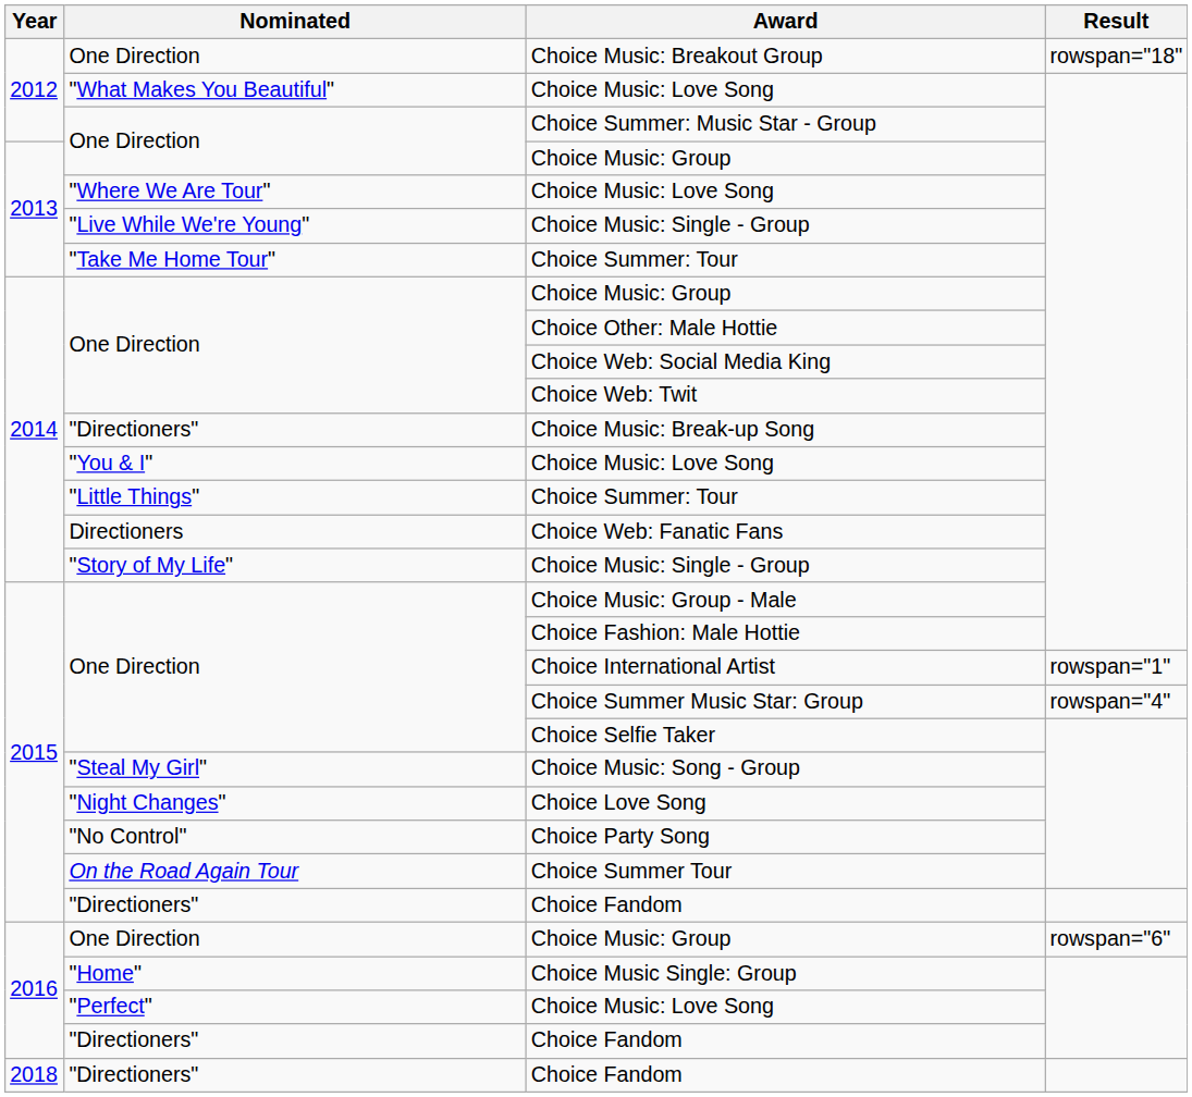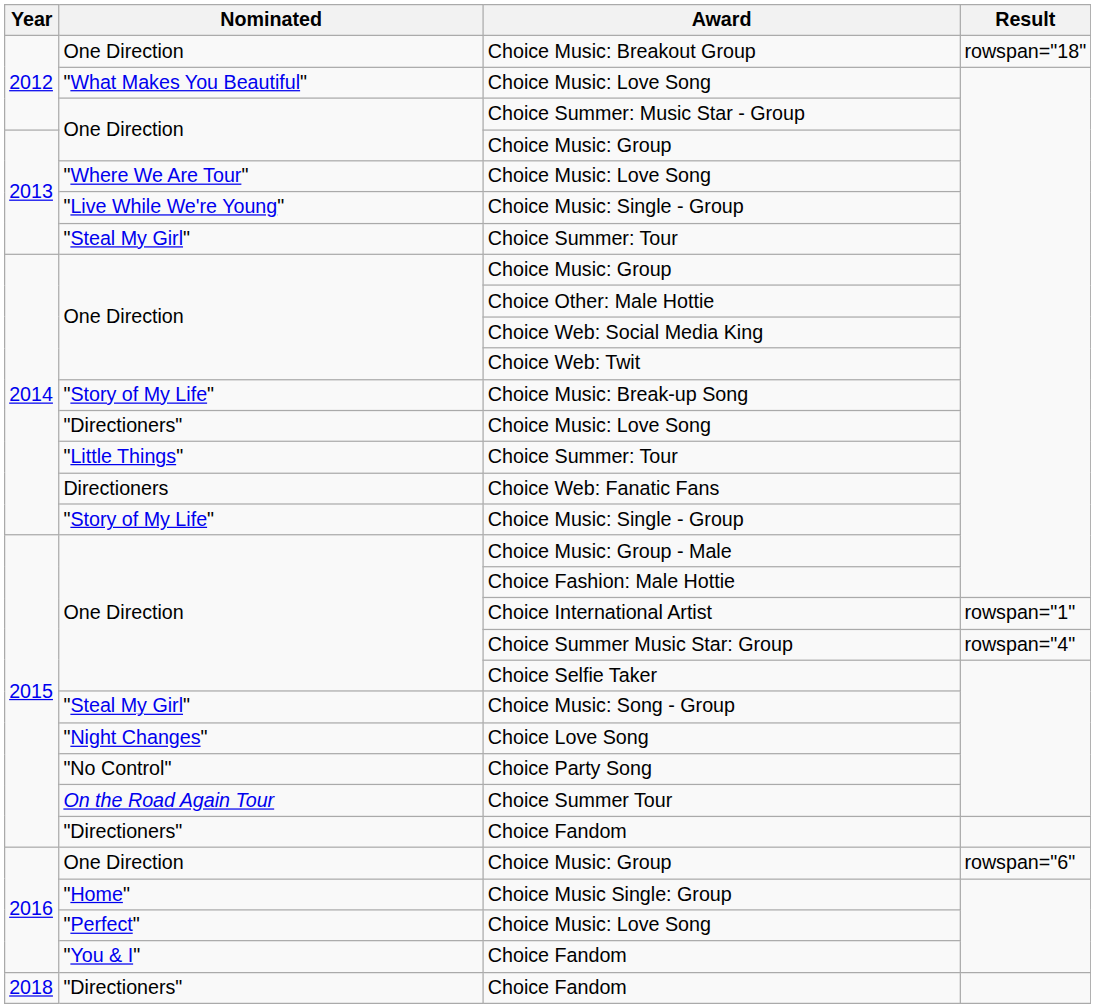 <table class="wikitable" style="width:100%;">
 <tr>
 <th width=5%>Year</th>
 <th style="width:40%;">Nominated</th>
 <th style="width:45%;">Award</th>
 <th style="width:10%;">Result</th>
 </tr>
 <tr>
 <td rowspan="3"><a href='#'>2012</a></td>
 <td>One Direction</td>
 <td>Choice Music: Breakout Group</td>
 <td>rowspan="18" </td>
 </tr>
 <tr>
 <td>"<a href='#'>What Makes You Beautiful</a>"</td>
 <td>Choice Music: Love Song</td>
 </tr>
 <tr>
 <td rowspan="2">One Direction</td>
 <td>Choice Summer: Music Star - Group</td>
 </tr>
 <tr>
 <td rowspan="4"><a href='#'>2013</a></td>
 <td>Choice Music: Group</td>
 </tr>
 <tr>
 <td>"<a href='#'>Where We Are Tour</a>"</td>
 <td>Choice Music: Love Song</td>
 </tr>
 <tr>
 <td>"<a href='#'>Live While We're Young</a>"</td>
 <td>Choice Music: Single - Group</td>
 </tr>
 <tr>
-<td>"<a href='#'>Take Me Home Tour</a>"</td>
+<td>"<a href='#'>Steal My Girl</a>"</td>
 <td>Choice Summer: Tour</td>
 </tr>
 <tr>
 <td rowspan="9"><a href='#'>2014</a></td>
 <td rowspan="4">One Direction</td>
 <td>Choice Music: Group</td>
 </tr>
 <tr>
 <td>Choice Other: Male Hottie</td>
 </tr>
 <tr>
 <td>Choice Web: Social Media King</td>
 </tr>
 <tr>
 <td>Choice Web: Twit</td>
 </tr>
 <tr>
-<td>"Directioners"</td>
+<td>"<a href='#'>Story of My Life</a>"</td>
 <td>Choice Music: Break-up Song</td>
 </tr>
 <tr>
-<td>"<a href='#'>You & I</a>"</td>
+<td>"Directioners"</td>
 <td>Choice Music: Love Song</td>
 </tr>
 <tr>
 <td>"<a href='#'>Little Things</a>"</td>
 <td>Choice Summer: Tour</td>
 </tr>
 <tr>
 <td>Directioners</td>
 <td>Choice Web: Fanatic Fans</td>
 </tr>
 <tr>
 <td>"<a href='#'>Story of My Life</a>"</td>
 <td>Choice Music: Single - Group</td>
 </tr>
 <tr>
 <td rowspan="10"><a href='#'>2015</a></td>
 <td rowspan="5">One Direction</td>
 <td>Choice Music: Group - Male</td>
 </tr>
 <tr>
 <td>Choice Fashion: Male Hottie</td>
 </tr>
 <tr>
 <td>Choice International Artist</td>
 <td>rowspan="1" </td>
 </tr>
 <tr>
 <td>Choice Summer Music Star: Group</td>
 <td>rowspan="4" </td>
 </tr>
 <tr>
 <td>Choice Selfie Taker</td>
 </tr>
 <tr>
 <td>"<a href='#'>Steal My Girl</a>"</td>
 <td>Choice Music: Song - Group</td>
 </tr>
 <tr>
 <td>"<a href='#'>Night Changes</a>"</td>
 <td>Choice Love Song</td>
 </tr>
 <tr>
 <td>"No Control"</td>
 <td>Choice Party Song</td>
 </tr>
 <tr>
 <td><em><a href='#'>On the Road Again Tour</a></em></td>
 <td>Choice Summer Tour</td>
 </tr>
 <tr>
 <td>"Directioners"</td>
 <td>Choice Fandom</td>
 <td></td>
 </tr>
 <tr>
 <td rowspan="4"><a href='#'>2016</a></td>
 <td>One Direction</td>
 <td>Choice Music: Group</td>
 <td>rowspan="6" </td>
 </tr>
 <tr>
 <td>"<a href='#'>Home</a>"</td>
 <td>Choice Music Single: Group</td>
 </tr>
 <tr>
 <td>"<a href='#'>Perfect</a>"</td>
 <td>Choice Music: Love Song</td>
 </tr>
 <tr>
-<td>"Directioners"</td>
+<td>"<a href='#'>You & I</a>"</td>
 <td>Choice Fandom</td>
 </tr>
 <tr>
 <td rowspan="1"><a href='#'>2018</a></td>
 <td>"Directioners"</td>
 <td>Choice Fandom</td>
 <td></td>
 </tr>
 </table>
